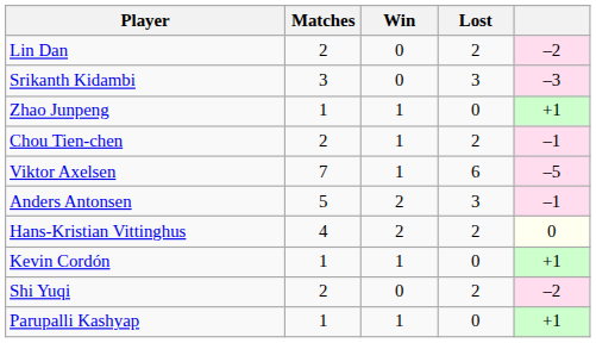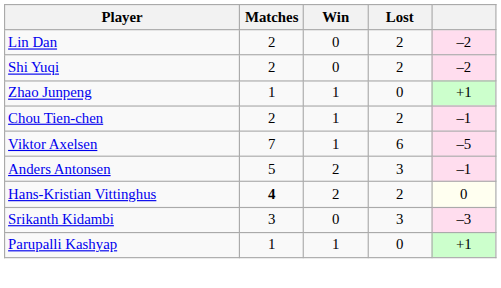 <table class=wikitable style="text-align:center; font-size:small">
 <tr>
 <th width="200">Player</th>
 <th width="50">Matches</th>
 <th width="50">Win</th>
 <th width="50">Lost</th>
 <th width="50"></th>
 </tr>
 <tr>
 <td align="left"> <a href='#'>Lin Dan</a></td>
 <td>2</td>
 <td>0</td>
 <td>2</td>
 <td bgcolor="#ffddee">–2</td>
 </tr>
 <tr>
-<td align="left"> <a href='#'>Srikanth Kidambi</a></td>
-<td>3</td>
+<td align="left"> <a href='#'>Shi Yuqi</a></td>
+<td>2</td>
 <td>0</td>
-<td>3</td>
-<td bgcolor="#ffddee">–3</td>
+<td>2</td>
+<td bgcolor="#ffddee">–2</td>
 </tr>
 <tr>
 <td align="left"> <a href='#'>Zhao Junpeng</a></td>
 <td>1</td>
 <td>1</td>
 <td>0</td>
 <td bgcolor="#ccffcc">+1</td>
 </tr>
 <tr>
 <td align="left"> <a href='#'>Chou Tien-chen</a></td>
 <td>2</td>
 <td>1</td>
 <td>2</td>
 <td bgcolor="#ffddee">–1</td>
 </tr>
 <tr>
 <td align="left"> <a href='#'>Viktor Axelsen</a></td>
 <td>7</td>
 <td>1</td>
 <td>6</td>
 <td bgcolor="#ffddee">–5</td>
 </tr>
 <tr>
 <td align="left"> <a href='#'>Anders Antonsen</a></td>
 <td>5</td>
 <td>2</td>
 <td>3</td>
 <td bgcolor="#ffddee">–1</td>
 </tr>
 <tr>
 <td align="left"> <a href='#'>Hans-Kristian Vittinghus</a></td>
-<td>4</td>
+<td><strong>4</strong></td>
 <td>2</td>
 <td>2</td>
 <td bgcolor="#fffff0">0</td>
 </tr>
 <tr>
-<td align="left"> <a href='#'>Kevin Cordón</a></td>
-<td>1</td>
-<td>1</td>
+<td align="left"> <a href='#'>Srikanth Kidambi</a></td>
+<td>3</td>
 <td>0</td>
-<td bgcolor="#ccffcc">+1</td>
-</tr>
-<tr>
-<td align="left"> <a href='#'>Shi Yuqi</a></td>
-<td>2</td>
-<td>0</td>
-<td>2</td>
-<td bgcolor="#ffddee">–2</td>
+<td>3</td>
+<td bgcolor="#ffddee">–3</td>
 </tr>
 <tr>
 <td align="left"> <a href='#'>Parupalli Kashyap</a></td>
 <td>1</td>
 <td>1</td>
 <td>0</td>
 <td bgcolor="#ccffcc">+1</td>
 </tr>
 </table>
